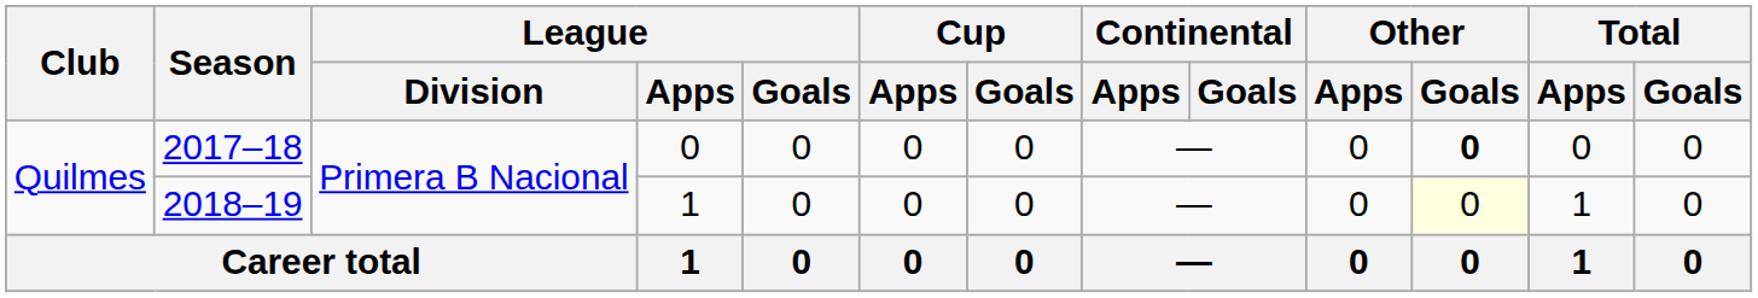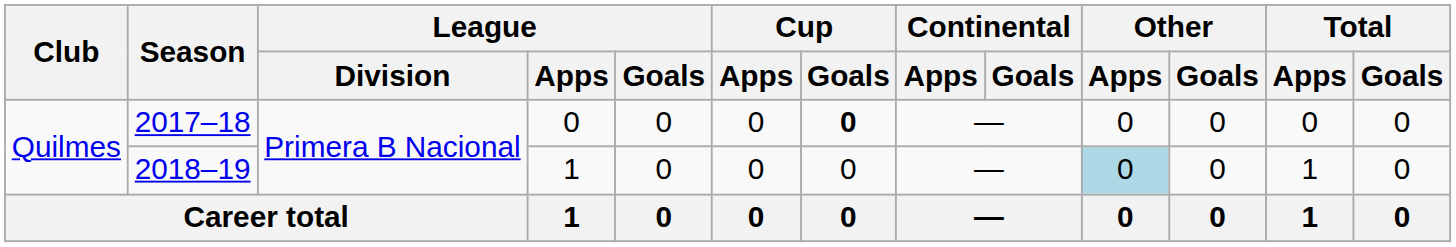 <table class="wikitable" style="text-align:center">
 <tr>
 <th rowspan="2">Club</th>
 <th rowspan="2">Season</th>
 <th colspan="3">League</th>
 <th colspan="2">Cup</th>
 <th colspan="2">Continental</th>
 <th colspan="2">Other</th>
 <th colspan="2">Total</th>
 </tr>
 <tr>
 <th>Division</th>
 <th>Apps</th>
 <th>Goals</th>
 <th>Apps</th>
 <th>Goals</th>
 <th>Apps</th>
 <th>Goals</th>
 <th>Apps</th>
 <th>Goals</th>
 <th>Apps</th>
 <th>Goals</th>
 </tr>
 <tr>
 <td rowspan="2"><a href='#'>Quilmes</a></td>
 <td><a href='#'>2017–18</a></td>
 <td rowspan="2"><a href='#'>Primera B Nacional</a></td>
 <td>0</td>
 <td>0</td>
 <td>0</td>
-<td>0</td>
+<td><strong>0</strong></td>
 <td colspan="2">—</td>
 <td>0</td>
-<td><strong>0</strong></td>
+<td>0</td>
 <td>0</td>
 <td>0</td>
 </tr>
 <tr>
 <td><a href='#'>2018–19</a></td>
 <td>1</td>
 <td>0</td>
 <td>0</td>
 <td>0</td>
 <td colspan="2">—</td>
+<td style="background: lightblue;">0</td>
 <td>0</td>
-<td style="background: lightyellow;">0</td>
 <td>1</td>
 <td>0</td>
 </tr>
 <tr>
 <th colspan="3">Career total</th>
 <th>1</th>
 <th>0</th>
 <th>0</th>
 <th>0</th>
 <th colspan="2">—</th>
 <th>0</th>
 <th>0</th>
 <th>1</th>
 <th>0</th>
 </tr>
 </table>
